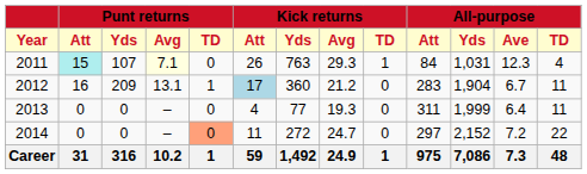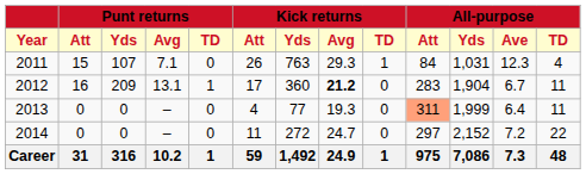 <table class=wikitable style="text-align:center">
 <tr>
 <th colspan="1" style="background:#CE1126;"></th>
 <th colspan="4" style="background:#CE1126;"><span>Punt returns</span></th>
 <th colspan="4" style="background:#CE1126;"><span>Kick returns</span></th>
 <th colspan="4" style="background:#CE1126;"><span>All-purpose</span></th>
 </tr>
 <tr>
 <th style="width:40px; background:#fffdd0; color:#CE1126;">Year</th>
 <th style="width:40px; background:#fffdd0; color:#CE1126;">Att</th>
 <th style="width:40px; background:#fffdd0; color:#CE1126;">Yds</th>
 <th style="width:40px; background:#fffdd0; color:#CE1126;">Avg</th>
 <th style="width:40px; background:#fffdd0; color:#CE1126;">TD</th>
 <th style="width:40px; background:#fffdd0; color:#CE1126;">Att</th>
 <th style="width:40px; background:#fffdd0; color:#CE1126;">Yds</th>
 <th style="width:40px; background:#fffdd0; color:#CE1126;">Avg</th>
 <th style="width:40px; background:#fffdd0; color:#CE1126;">TD</th>
 <th style="width:40px; background:#fffdd0; color:#CE1126;">Att</th>
 <th style="width:40px; background:#fffdd0; color:#CE1126;">Yds</th>
 <th style="width:40px; background:#fffdd0; color:#CE1126;">Ave</th>
 <th style="width:40px; background:#fffdd0; color:#CE1126;">TD</th>
 </tr>
 <tr>
 <td>2011</td>
-<td style="background: paleturquoise;">15</td>
+<td>15</td>
 <td>107</td>
-<td style="background: lightyellow;">7.1</td>
+<td>7.1</td>
 <td>0</td>
 <td>26</td>
 <td>763</td>
 <td>29.3</td>
 <td>1</td>
 <td>84</td>
 <td>1,031</td>
 <td>12.3</td>
 <td>4</td>
 </tr>
 <tr>
 <td>2012</td>
 <td>16</td>
 <td>209</td>
 <td>13.1</td>
 <td>1</td>
-<td style="background: lightblue;">17</td>
+<td>17</td>
 <td>360</td>
-<td>21.2</td>
+<td><strong>21.2</strong></td>
 <td>0</td>
 <td>283</td>
 <td>1,904</td>
 <td>6.7</td>
 <td>11</td>
 </tr>
 <tr>
 <td>2013</td>
 <td>0</td>
 <td>0</td>
 <td>–</td>
 <td>0</td>
 <td>4</td>
 <td>77</td>
 <td>19.3</td>
 <td>0</td>
-<td>311</td>
+<td style="background: lightsalmon;">311</td>
 <td>1,999</td>
 <td>6.4</td>
 <td>11</td>
 </tr>
 <tr>
 <td>2014</td>
 <td>0</td>
 <td>0</td>
 <td>–</td>
-<td style="background: lightsalmon;">0</td>
+<td>0</td>
 <td>11</td>
 <td>272</td>
 <td>24.7</td>
 <td>0</td>
 <td>297</td>
 <td>2,152</td>
 <td>7.2</td>
 <td>22</td>
 </tr>
 <tr>
 <th>Career</th>
 <th>31</th>
 <th>316</th>
 <th>10.2</th>
 <th>1</th>
 <th>59</th>
 <th>1,492</th>
 <th>24.9</th>
 <th>1</th>
 <th>975</th>
 <th>7,086</th>
 <th>7.3</th>
 <th>48</th>
 </tr>
 </table>
